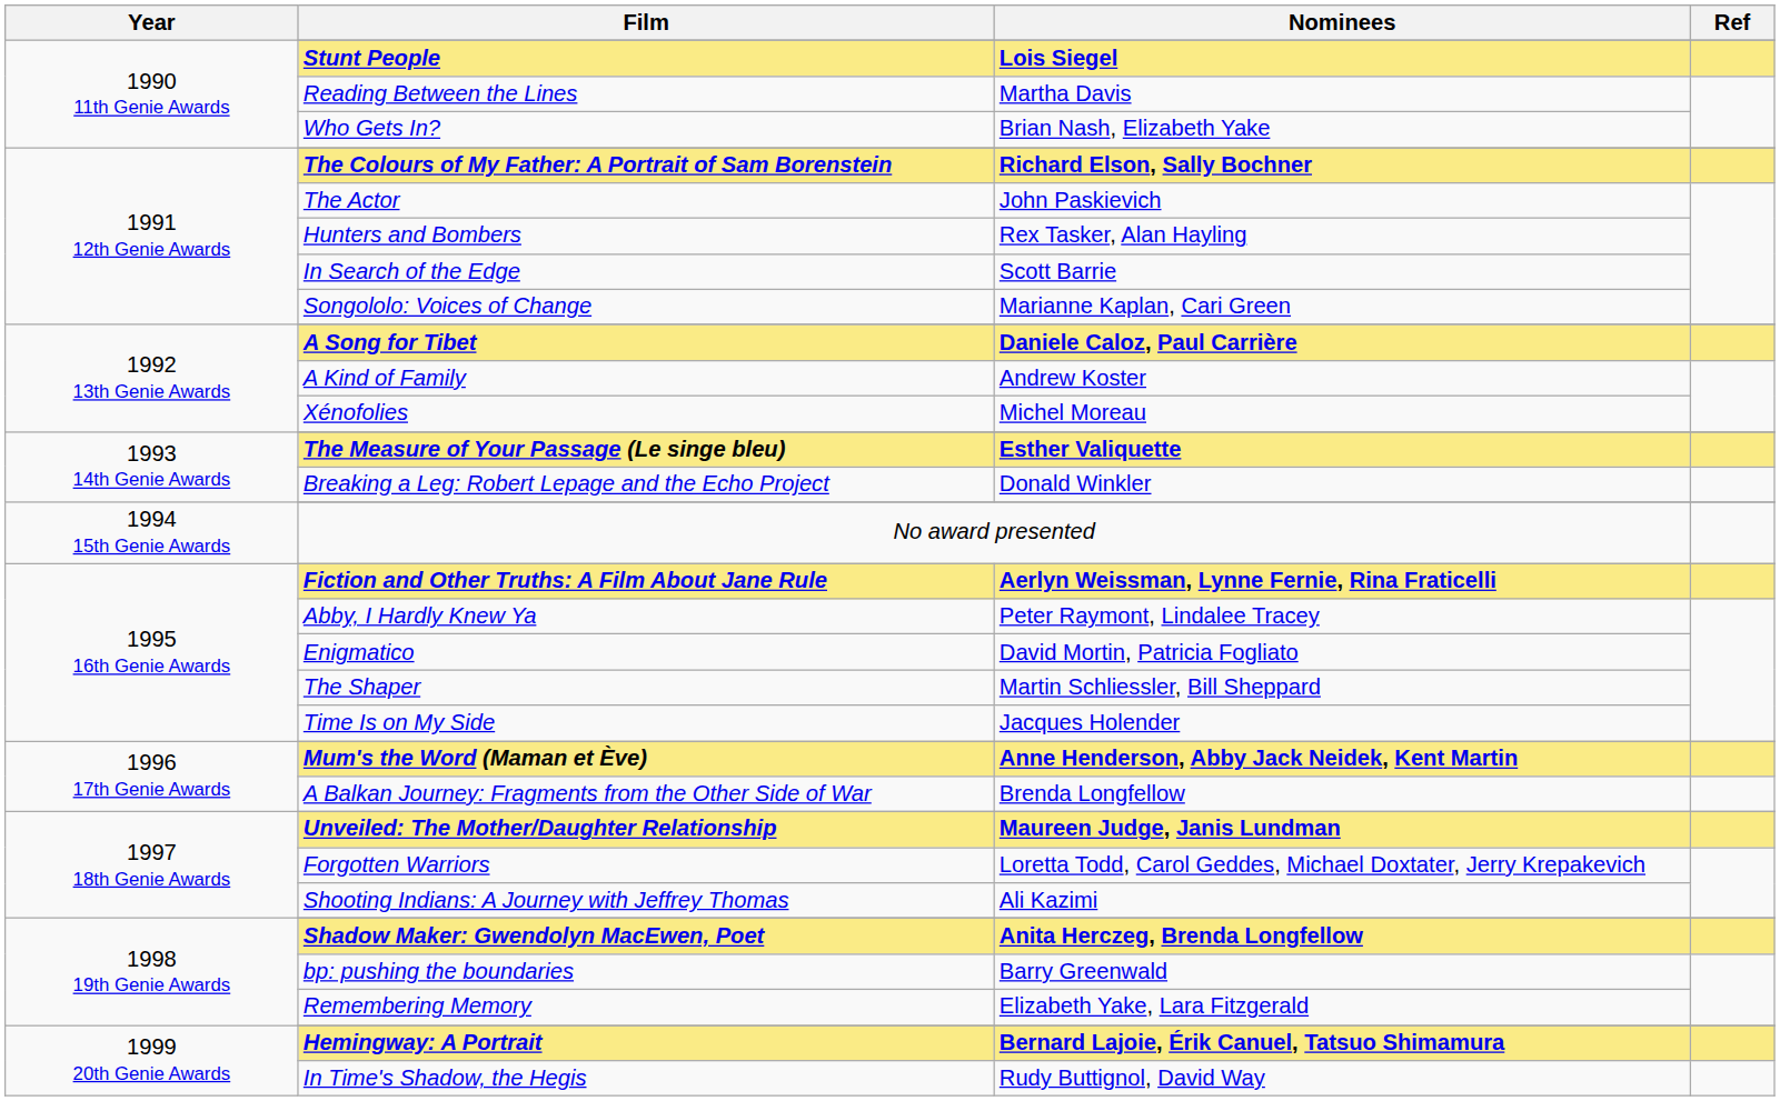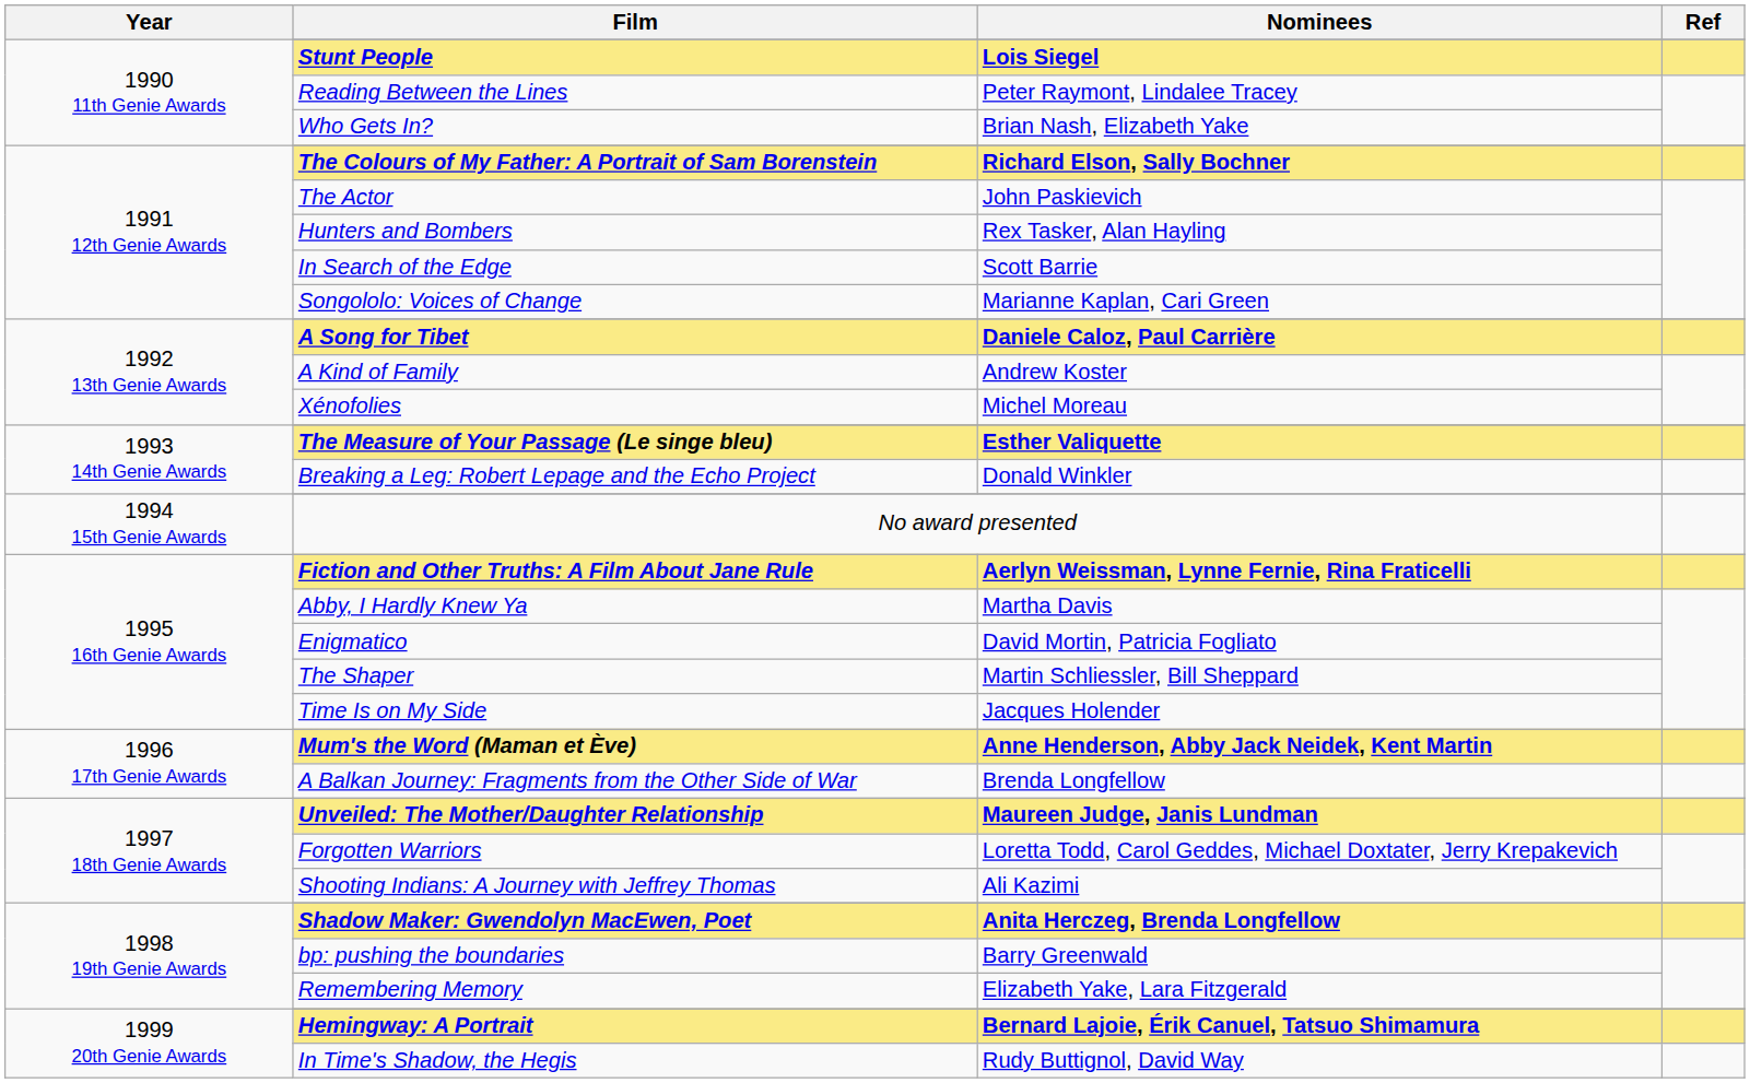 <table class="wikitable" style="width:100%;">
 <tr style="background:#bebebe;">
 <th style="width:8%;">Year</th>
 <th style="width:19%;">Film</th>
 <th style="width:19%;">Nominees</th>
 <th style="width:2%;">Ref</th>
 </tr>
 <tr>
 <td rowspan="4" align="center">1990 <br> <small><a href='#'>11th Genie Awards</a></small></td>
 </tr>
 <tr style="background:#FAEB86;">
 <td><strong><em><a href='#'>Stunt People</a></em></strong></td>
 <td><strong><a href='#'>Lois Siegel</a></strong></td>
 <td></td>
 </tr>
 <tr>
 <td><em><a href='#'>Reading Between the Lines</a></em></td>
-<td><a href='#'>Martha Davis</a></td>
+<td><a href='#'>Peter Raymont</a>, <a href='#'>Lindalee Tracey</a></td>
 <td rowspan=2></td>
 </tr>
 <tr>
 <td><em><a href='#'>Who Gets In?</a></em></td>
 <td><a href='#'>Brian Nash</a>, <a href='#'>Elizabeth Yake</a></td>
 </tr>
 <tr>
 <td rowspan="6" align="center">1991 <br> <small><a href='#'>12th Genie Awards</a></small></td>
 </tr>
 <tr style="background:#FAEB86;">
 <td><strong><em><a href='#'>The Colours of My Father: A Portrait of Sam Borenstein</a></em></strong></td>
 <td><strong><a href='#'>Richard Elson</a>,  <a href='#'>Sally Bochner</a></strong></td>
 <td></td>
 </tr>
 <tr>
 <td><em><a href='#'>The Actor</a></em></td>
 <td><a href='#'>John Paskievich</a></td>
 <td rowspan=4></td>
 </tr>
 <tr>
 <td><em><a href='#'>Hunters and Bombers</a></em></td>
 <td><a href='#'>Rex Tasker</a>, <a href='#'>Alan Hayling</a></td>
 </tr>
 <tr>
 <td><em><a href='#'>In Search of the Edge</a></em></td>
 <td><a href='#'>Scott Barrie</a></td>
 </tr>
 <tr>
 <td><em><a href='#'>Songololo: Voices of Change</a></em></td>
 <td><a href='#'>Marianne Kaplan</a>, <a href='#'>Cari Green</a></td>
 </tr>
 <tr>
 <td rowspan="4" align="center">1992 <br> <small><a href='#'>13th Genie Awards</a></small></td>
 </tr>
 <tr style="background:#FAEB86;">
 <td><strong><em><a href='#'>A Song for Tibet</a></em></strong></td>
 <td><strong><a href='#'>Daniele Caloz</a>, <a href='#'>Paul Carrière</a></strong></td>
 <td></td>
 </tr>
 <tr>
 <td><em><a href='#'>A Kind of Family</a></em></td>
 <td><a href='#'>Andrew Koster</a></td>
 <td rowspan=2></td>
 </tr>
 <tr>
 <td><em><a href='#'>Xénofolies</a></em></td>
 <td><a href='#'>Michel Moreau</a></td>
 </tr>
 <tr>
 <td rowspan="3" align="center">1993 <br> <small><a href='#'>14th Genie Awards</a></small></td>
 </tr>
 <tr style="background:#FAEB86;">
 <td><strong><em><a href='#'>The Measure of Your Passage</a> (Le singe bleu)</em></strong></td>
 <td><strong><a href='#'>Esther Valiquette</a></strong></td>
 <td></td>
 </tr>
 <tr>
 <td><em><a href='#'>Breaking a Leg: Robert Lepage and the Echo Project</a></em></td>
 <td><a href='#'>Donald Winkler</a></td>
 <td></td>
 </tr>
 <tr>
 <td rowspan="2" align="center">1994 <br> <small><a href='#'>15th Genie Awards</a></small></td>
 </tr>
 <tr>
 <td colspan=2 align=center><em>No award presented</em></td>
 <td></td>
 </tr>
 <tr>
 <td rowspan="6" align="center">1995 <br> <small><a href='#'>16th Genie Awards</a></small></td>
 </tr>
 <tr style="background:#FAEB86;">
 <td><strong><em><a href='#'>Fiction and Other Truths: A Film About Jane Rule</a></em></strong></td>
 <td><strong><a href='#'>Aerlyn Weissman</a>, <a href='#'>Lynne Fernie</a>, <a href='#'>Rina Fraticelli</a></strong></td>
 <td></td>
 </tr>
 <tr>
 <td><em><a href='#'>Abby, I Hardly Knew Ya</a></em></td>
-<td><a href='#'>Peter Raymont</a>, <a href='#'>Lindalee Tracey</a></td>
+<td><a href='#'>Martha Davis</a></td>
 <td rowspan=4></td>
 </tr>
 <tr>
 <td><em><a href='#'>Enigmatico</a></em></td>
 <td><a href='#'>David Mortin</a>, <a href='#'>Patricia Fogliato</a></td>
 </tr>
 <tr>
 <td><em><a href='#'>The Shaper</a></em></td>
 <td><a href='#'>Martin Schliessler</a>, <a href='#'>Bill Sheppard</a></td>
 </tr>
 <tr>
 <td><em><a href='#'>Time Is on My Side</a></em></td>
 <td><a href='#'>Jacques Holender</a></td>
 </tr>
 <tr>
 <td rowspan="3" align="center">1996 <br> <small><a href='#'>17th Genie Awards</a></small></td>
 </tr>
 <tr style="background:#FAEB86;">
 <td><strong><em><a href='#'>Mum's the Word</a> (Maman et Ève)</em></strong></td>
 <td><strong><a href='#'>Anne Henderson</a>, <a href='#'>Abby Jack Neidek</a>, <a href='#'>Kent Martin</a></strong></td>
 <td></td>
 </tr>
 <tr>
 <td><em><a href='#'>A Balkan Journey: Fragments from the Other Side of War</a></em></td>
 <td><a href='#'>Brenda Longfellow</a></td>
 <td></td>
 </tr>
 <tr>
 <td rowspan="4" align="center">1997 <br> <small><a href='#'>18th Genie Awards</a></small></td>
 </tr>
 <tr style="background:#FAEB86;">
 <td><strong><em><a href='#'>Unveiled: The Mother/Daughter Relationship</a></em></strong></td>
 <td><strong><a href='#'>Maureen Judge</a>, <a href='#'>Janis Lundman</a></strong></td>
 <td></td>
 </tr>
 <tr>
 <td><em><a href='#'>Forgotten Warriors</a></em></td>
 <td><a href='#'>Loretta Todd</a>, <a href='#'>Carol Geddes</a>, <a href='#'>Michael Doxtater</a>, <a href='#'>Jerry Krepakevich</a></td>
 <td rowspan=2></td>
 </tr>
 <tr>
 <td><em><a href='#'>Shooting Indians: A Journey with Jeffrey Thomas</a></em></td>
 <td><a href='#'>Ali Kazimi</a></td>
 </tr>
 <tr>
 <td rowspan="4" align="center">1998 <br> <small><a href='#'>19th Genie Awards</a></small></td>
 </tr>
 <tr style="background:#FAEB86;">
 <td><strong><em><a href='#'>Shadow Maker: Gwendolyn MacEwen, Poet</a></em></strong></td>
 <td><strong><a href='#'>Anita Herczeg</a>, <a href='#'>Brenda Longfellow</a></strong></td>
 <td></td>
 </tr>
 <tr>
 <td><em><a href='#'>bp: pushing the boundaries</a></em></td>
 <td><a href='#'>Barry Greenwald</a></td>
 <td rowspan=2></td>
 </tr>
 <tr>
 <td><em><a href='#'>Remembering Memory</a></em></td>
 <td><a href='#'>Elizabeth Yake</a>, <a href='#'>Lara Fitzgerald</a></td>
 </tr>
 <tr>
 <td rowspan="3" align="center">1999 <br> <small><a href='#'>20th Genie Awards</a></small></td>
 </tr>
 <tr style="background:#FAEB86;">
 <td><strong><em><a href='#'>Hemingway: A Portrait</a></em></strong></td>
 <td><strong><a href='#'>Bernard Lajoie</a>, <a href='#'>Érik Canuel</a>, <a href='#'>Tatsuo Shimamura</a></strong></td>
 <td></td>
 </tr>
 <tr>
 <td><em><a href='#'>In Time's Shadow, the Hegis</a></em></td>
 <td><a href='#'>Rudy Buttignol</a>, <a href='#'>David Way</a></td>
 <td></td>
 </tr>
 </table>
